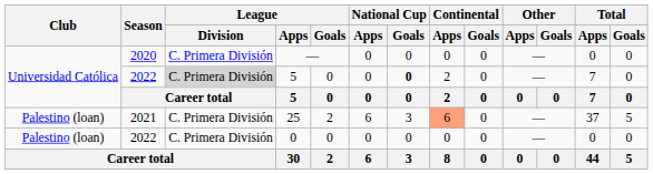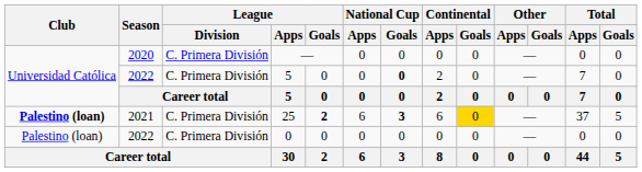 <table class="wikitable" style="text-align: center;">
 <tr>
 <th rowspan="2">Club</th>
 <th rowspan="2">Season</th>
 <th colspan="3">League</th>
 <th colspan="2">National Cup</th>
 <th colspan="2">Continental</th>
 <th colspan="2">Other</th>
 <th colspan="2">Total</th>
 </tr>
 <tr>
 <th>Division</th>
 <th>Apps</th>
 <th>Goals</th>
 <th>Apps</th>
 <th>Goals</th>
 <th>Apps</th>
 <th>Goals</th>
 <th>Apps</th>
 <th>Goals</th>
 <th>Apps</th>
 <th>Goals</th>
 </tr>
 <tr>
 <td rowspan="3"><a href='#'>Universidad Católica</a></td>
 <td><a href='#'>2020</a></td>
 <td><a href='#'>C. Primera División</a></td>
 <td colspan=2>—</td>
 <td>0</td>
 <td>0</td>
 <td>0</td>
 <td>0</td>
 <td colspan=2>—</td>
 <td>0</td>
 <td>0</td>
 </tr>
 <tr>
 <td><a href='#'>2022</a></td>
-<td style="background: lightgrey;">C. Primera División</td>
+<td>C. Primera División</td>
 <td>5</td>
 <td>0</td>
 <td>0</td>
 <td><strong>0</strong></td>
 <td>2</td>
 <td>0</td>
 <td colspan=2>—</td>
 <td>7</td>
 <td>0</td>
 </tr>
 <tr>
 <th colspan="2">Career total</th>
 <th>5</th>
 <th>0</th>
 <th>0</th>
 <th>0</th>
 <th>2</th>
 <th>0</th>
 <th>0</th>
 <th>0</th>
 <th>7</th>
 <th>0</th>
 </tr>
 <tr>
-<td><a href='#'>Palestino</a> (loan)</td>
+<td><strong><a href='#'>Palestino</a> (loan)</strong></td>
 <td>2021</td>
 <td>C. Primera División</td>
 <td>25</td>
-<td>2</td>
+<td><strong>2</strong></td>
 <td>6</td>
-<td>3</td>
-<td style="background: lightsalmon;">6</td>
-<td>0</td>
+<td><strong>3</strong></td>
+<td>6</td>
+<td style="background: gold;">0</td>
 <td colspan=2>—</td>
 <td>37</td>
 <td>5</td>
 </tr>
 <tr>
 <td><a href='#'>Palestino</a> (loan)</td>
 <td>2022</td>
 <td>C. Primera División</td>
 <td>0</td>
 <td>0</td>
 <td>0</td>
 <td>0</td>
 <td>0</td>
 <td>0</td>
 <td colspan=2>—</td>
 <td>0</td>
 <td>0</td>
 </tr>
 <tr>
 <th colspan="3">Career total</th>
 <th>30</th>
 <th>2</th>
 <th>6</th>
 <th>3</th>
 <th>8</th>
 <th>0</th>
 <th>0</th>
 <th>0</th>
 <th>44</th>
 <th>5</th>
 </tr>
 </table>
